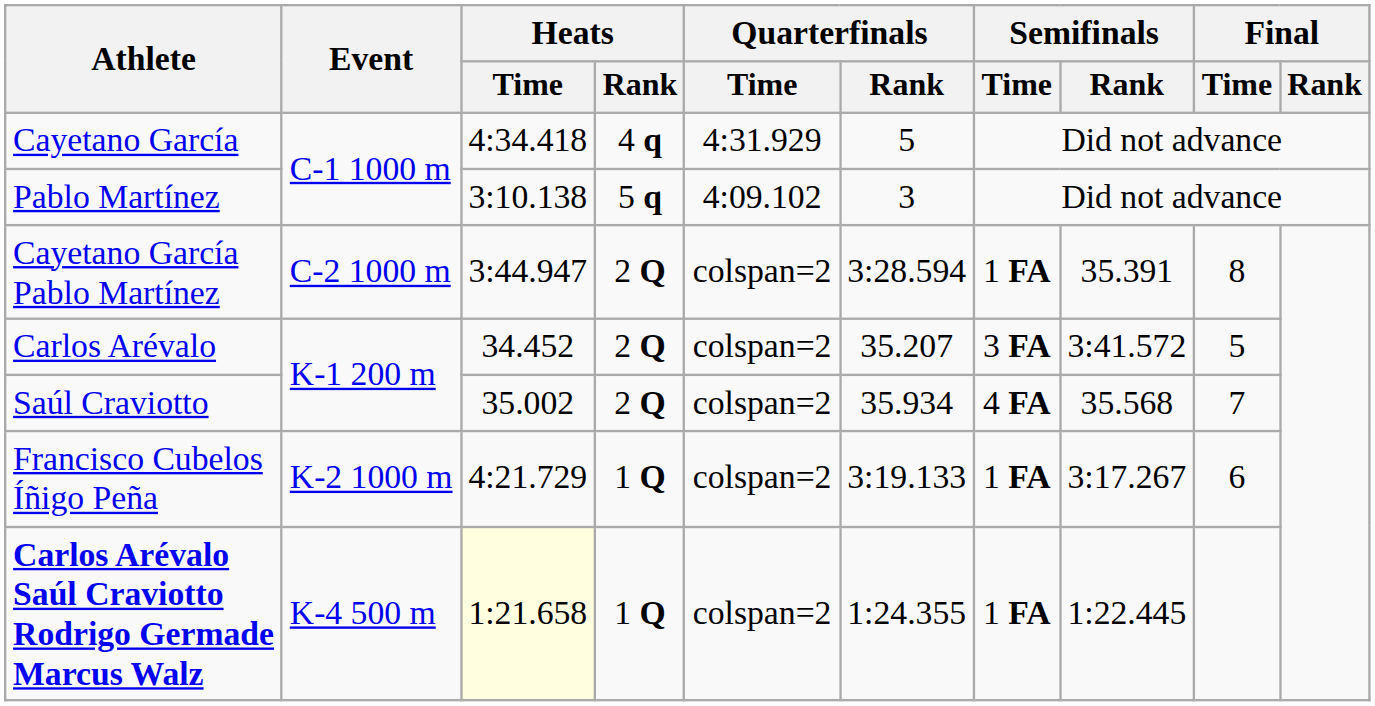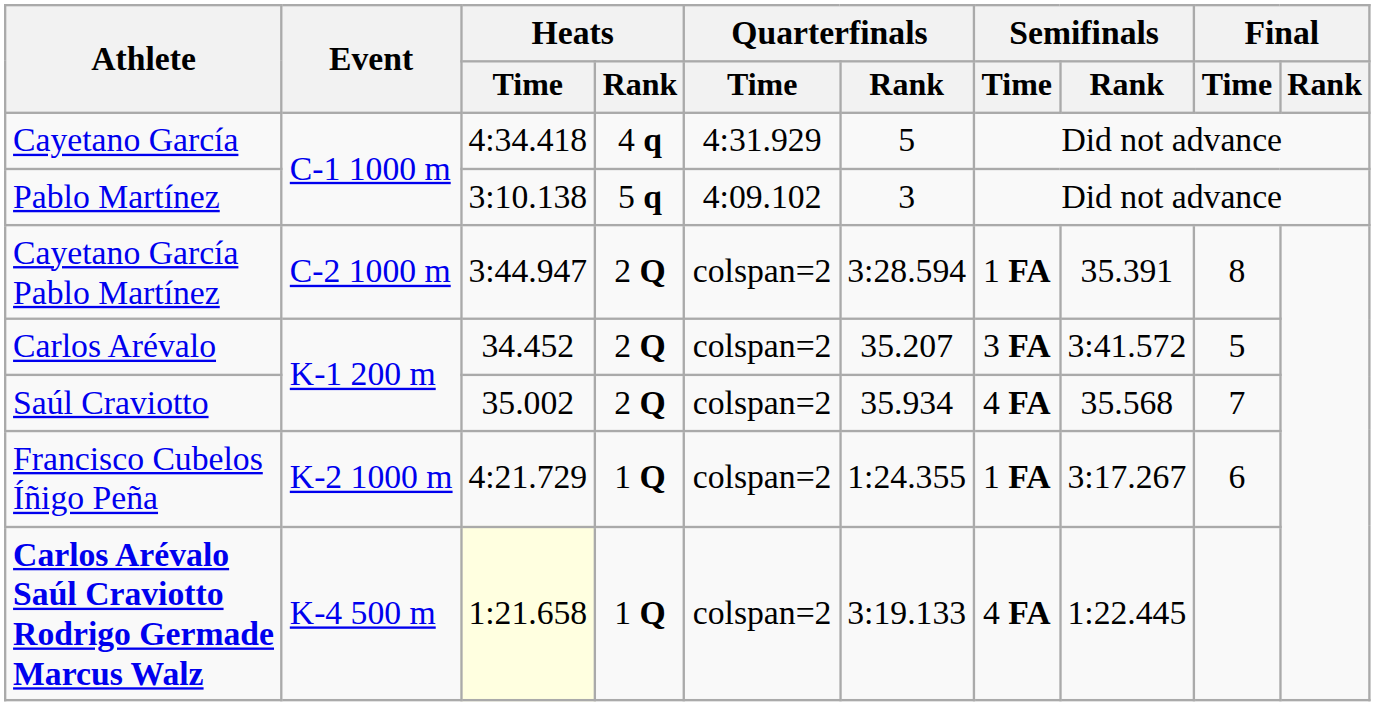 <table class=wikitable style="font-size:90%">
 <tr>
 <th rowspan="2">Athlete</th>
 <th rowspan="2">Event</th>
 <th colspan=2>Heats</th>
 <th colspan=2>Quarterfinals</th>
 <th colspan=2>Semifinals</th>
 <th colspan=2>Final</th>
 </tr>
 <tr style="font-size:95%">
 <th>Time</th>
 <th>Rank</th>
 <th>Time</th>
 <th>Rank</th>
 <th>Time</th>
 <th>Rank</th>
 <th>Time</th>
 <th>Rank</th>
 </tr>
 <tr align=center>
 <td align=left><a href='#'>Cayetano García</a></td>
 <td align=left rowspan=2><a href='#'>C-1 1000 m</a></td>
 <td>4:34.418</td>
 <td>4 <strong>q</strong></td>
 <td>4:31.929</td>
 <td>5</td>
 <td colspan="4">Did not advance</td>
 </tr>
 <tr align=center>
 <td align=left><a href='#'>Pablo Martínez</a></td>
 <td>3:10.138</td>
 <td>5 <strong>q</strong></td>
 <td>4:09.102</td>
 <td>3</td>
 <td colspan="4">Did not advance</td>
 </tr>
 <tr align=center>
 <td align=left><a href='#'>Cayetano García</a><br><a href='#'>Pablo Martínez</a></td>
 <td align=left><a href='#'>C-2 1000 m</a></td>
 <td>3:44.947</td>
 <td>2 <strong>Q</strong></td>
 <td>colspan=2 </td>
 <td>3:28.594</td>
 <td>1 <strong>FA</strong></td>
 <td>35.391</td>
 <td>8</td>
 </tr>
 <tr align=center>
 <td align=left><a href='#'>Carlos Arévalo</a></td>
 <td align=left rowspan=2><a href='#'>K-1 200 m</a></td>
 <td>34.452</td>
 <td>2 <strong>Q</strong></td>
 <td>colspan=2 </td>
 <td>35.207</td>
 <td>3 <strong>FA</strong></td>
 <td>3:41.572</td>
 <td>5</td>
 </tr>
 <tr align=center>
 <td align=left><a href='#'>Saúl Craviotto</a></td>
 <td>35.002</td>
 <td>2 <strong>Q</strong></td>
 <td>colspan=2 </td>
 <td>35.934</td>
 <td>4 <strong>FA</strong></td>
 <td>35.568</td>
 <td>7</td>
 </tr>
 <tr align=center>
 <td align=left><a href='#'>Francisco Cubelos</a><br><a href='#'>Íñigo Peña</a></td>
 <td align=left><a href='#'>K-2 1000 m</a></td>
 <td>4:21.729</td>
 <td>1 <strong>Q</strong></td>
 <td>colspan=2 </td>
-<td>3:19.133</td>
+<td>1:24.355</td>
 <td>1 <strong>FA</strong></td>
 <td>3:17.267</td>
 <td>6</td>
 </tr>
 <tr align=center>
 <td align=left><strong><a href='#'>Carlos Arévalo</a><br><a href='#'>Saúl Craviotto</a><br><a href='#'>Rodrigo Germade</a><br><a href='#'>Marcus Walz</a></strong></td>
 <td align=left><a href='#'>K-4 500 m</a></td>
 <td style="background: lightyellow;">1:21.658</td>
 <td>1 <strong>Q</strong></td>
 <td>colspan=2 </td>
-<td>1:24.355</td>
-<td>1 <strong>FA</strong></td>
+<td>3:19.133</td>
+<td>4 <strong>FA</strong></td>
 <td>1:22.445</td>
 <td></td>
 </tr>
 </table>
